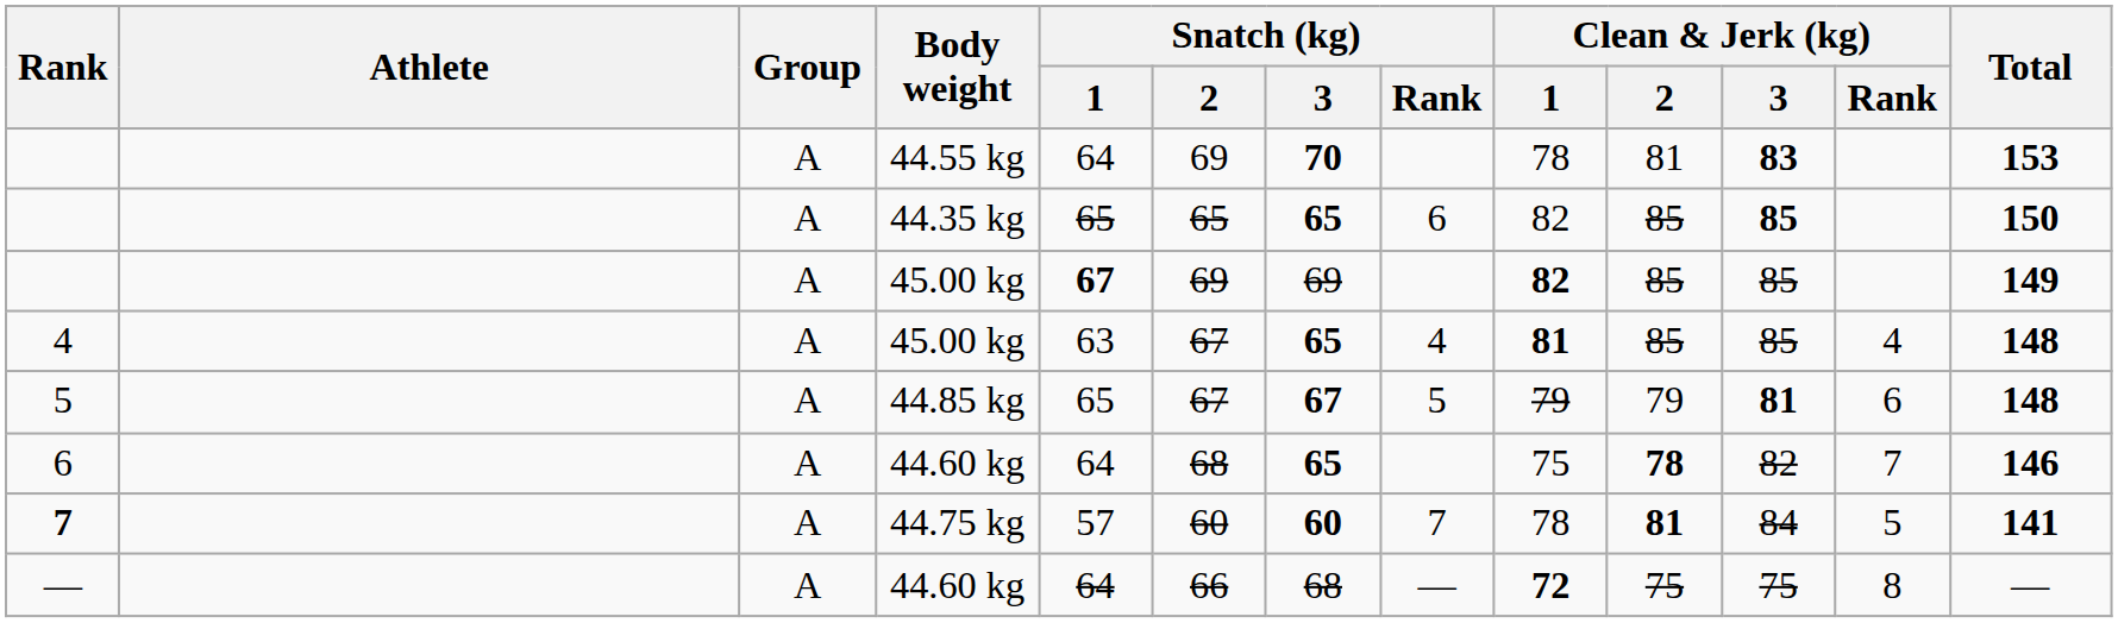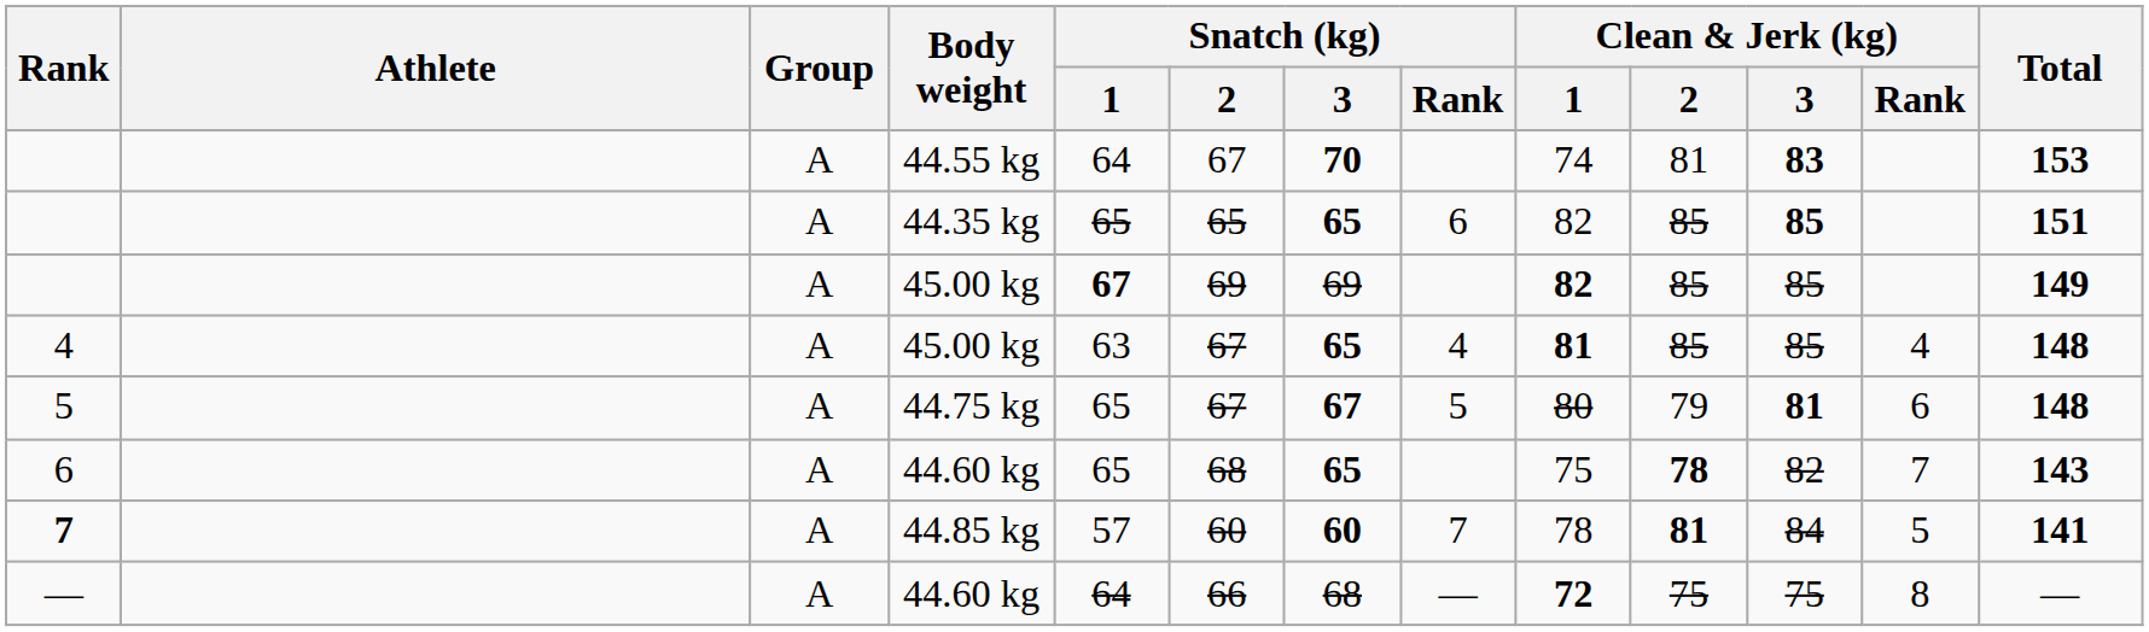 <table class = "wikitable" style="text-align:center;">
 <tr>
 <th rowspan=2 width=40>Rank</th>
 <th rowspan=2 width=250>Athlete</th>
 <th rowspan=2 width=50>Group</th>
 <th rowspan=2 width=60>Body weight</th>
 <th colspan=4>Snatch (kg)</th>
 <th colspan=4>Clean & Jerk (kg)</th>
 <th rowspan=2 width=60>Total</th>
 </tr>
 <tr>
 <th width=40>1</th>
 <th width=40>2</th>
 <th width=40>3</th>
 <th width=40>Rank</th>
 <th width=40>1</th>
 <th width=40>2</th>
 <th width=40>3</th>
 <th width=40>Rank</th>
 </tr>
 <tr>
 <td></td>
 <td align=left></td>
 <td>A</td>
 <td>44.55 kg</td>
 <td>64</td>
-<td>69</td>
+<td>67</td>
 <td><strong>70</strong></td>
 <td></td>
-<td>78</td>
+<td>74</td>
 <td>81</td>
 <td><strong>83</strong></td>
 <td></td>
 <td><strong>153</strong></td>
 </tr>
 <tr>
 <td></td>
 <td align=left></td>
 <td>A</td>
 <td>44.35 kg</td>
 <td><s>65</s></td>
 <td><s>65</s></td>
 <td><strong>65</strong></td>
 <td>6</td>
 <td>82</td>
 <td><s>85</s></td>
 <td><strong>85</strong></td>
 <td></td>
-<td><strong>150</strong></td>
+<td><strong>151</strong></td>
 </tr>
 <tr>
 <td></td>
 <td align=left></td>
 <td>A</td>
 <td>45.00 kg</td>
 <td><strong>67</strong></td>
 <td><s>69</s></td>
 <td><s>69</s></td>
 <td></td>
 <td><strong>82</strong></td>
 <td><s>85</s></td>
 <td><s>85</s></td>
 <td></td>
 <td><strong>149</strong></td>
 </tr>
 <tr>
 <td>4</td>
 <td align=left></td>
 <td>A</td>
 <td>45.00 kg</td>
 <td>63</td>
 <td><s>67</s></td>
 <td><strong>65</strong></td>
 <td>4</td>
 <td><strong>81</strong></td>
 <td><s>85</s></td>
 <td><s>85</s></td>
 <td>4</td>
 <td><strong>148</strong></td>
 </tr>
 <tr>
 <td>5</td>
 <td align=left></td>
 <td>A</td>
-<td>44.85 kg</td>
+<td>44.75 kg</td>
 <td>65</td>
 <td><s>67</s></td>
 <td><strong>67</strong></td>
 <td>5</td>
-<td><s>79</s></td>
+<td><s>80</s></td>
 <td>79</td>
 <td><strong>81</strong></td>
 <td>6</td>
 <td><strong>148</strong></td>
 </tr>
 <tr>
 <td>6</td>
 <td align=left></td>
 <td>A</td>
 <td>44.60 kg</td>
-<td>64</td>
+<td>65</td>
 <td><s>68</s></td>
 <td><strong>65</strong></td>
 <td></td>
 <td>75</td>
 <td><strong>78</strong></td>
 <td><s>82</s></td>
 <td>7</td>
-<td><strong>146</strong></td>
+<td><strong>143</strong></td>
 </tr>
 <tr>
 <td><strong>7</strong></td>
 <td align=left></td>
 <td>A</td>
-<td>44.75 kg</td>
+<td>44.85 kg</td>
 <td>57</td>
 <td><s>60</s></td>
 <td><strong>60</strong></td>
 <td>7</td>
 <td>78</td>
 <td><strong>81</strong></td>
 <td><s>84</s></td>
 <td>5</td>
 <td><strong>141</strong></td>
 </tr>
 <tr>
 <td>—</td>
 <td align=left></td>
 <td>A</td>
 <td>44.60 kg</td>
 <td><s>64</s></td>
 <td><s>66</s></td>
 <td><s>68</s></td>
 <td>—</td>
 <td><strong>72</strong></td>
 <td><s>75</s></td>
 <td><s>75</s></td>
 <td>8</td>
 <td>—</td>
 </tr>
 </table>
